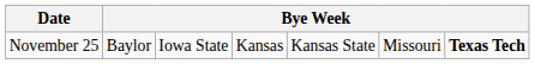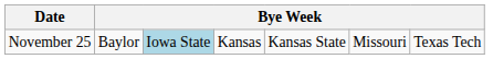 <table class="wikitable" style="font-size:95%">
 <tr>
 <th>Date</th>
 <th colspan="6">Bye Week</th>
 </tr>
 <tr>
 <td>November 25</td>
 <td>Baylor</td>
-<td>Iowa State</td>
+<td style="background: lightblue;">Iowa State</td>
 <td>Kansas</td>
 <td>Kansas State</td>
 <td>Missouri</td>
-<td><strong>Texas Tech</strong></td>
+<td>Texas Tech</td>
 </tr>
 </table>
